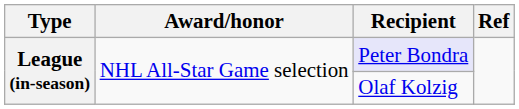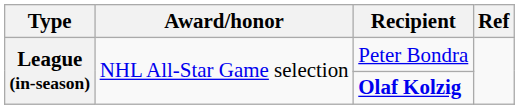 <table class="wikitable">
 <tr>
 <th scope="col">Type</th>
 <th scope="col">Award/honor</th>
 <th scope="col">Recipient</th>
 <th scope="col">Ref</th>
 </tr>
 <tr>
 <th scope="row" rowspan=2>League<br><small>(in-season)</small></th>
 <td rowspan=2><a href='#'>NHL All-Star Game</a> selection</td>
-<td style="background: lavender;"><a href='#'>Peter Bondra</a></td>
+<td><a href='#'>Peter Bondra</a></td>
 <td rowspan=2></td>
 </tr>
 <tr>
-<td><a href='#'>Olaf Kolzig</a></td>
+<td><strong><a href='#'>Olaf Kolzig</a></strong></td>
 </tr>
 </table>
